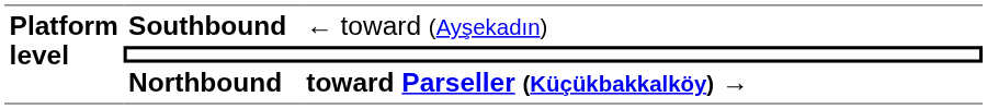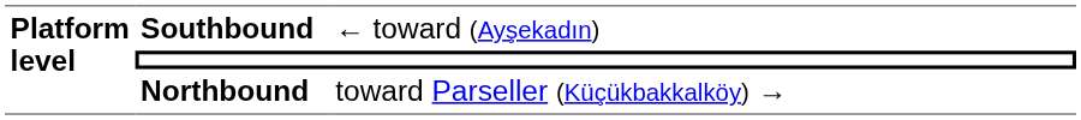 <table table border=0 cellspacing=0 cellpadding=3>
 <tr>
 <td style="border-top:solid 1px gray;border-bottom:solid 1px gray;" width=50 rowspan=3 valign=top><strong>Platform level</strong></td>
 <td style="border-top:solid 1px gray;" width=100><strong>Southbound</strong></td>
 <td style="border-top:solid 1px gray;" width=400>←  toward  <small>(<a href='#'>Ayşekadın</a>)</small></td>
 </tr>
 <tr>
 <td style="border-top:solid 2px black;border-right:solid 2px black;border-left:solid 2px black;border-bottom:solid 2px black;text-align:center;" colspan=2></td>
 </tr>
 <tr>
 <td style="border-bottom:solid 1px gray;"><strong>Northbound</strong></td>
-<td style="border-bottom:solid 1px gray;"><strong> toward <a href='#'>Parseller</a> <small>(<a href='#'>Küçükbakkalköy</a>)</small> →</strong></td>
+<td style="border-bottom:solid 1px gray;"> toward <a href='#'>Parseller</a> <small>(<a href='#'>Küçükbakkalköy</a>)</small> →</td>
 </tr>
 </table>
